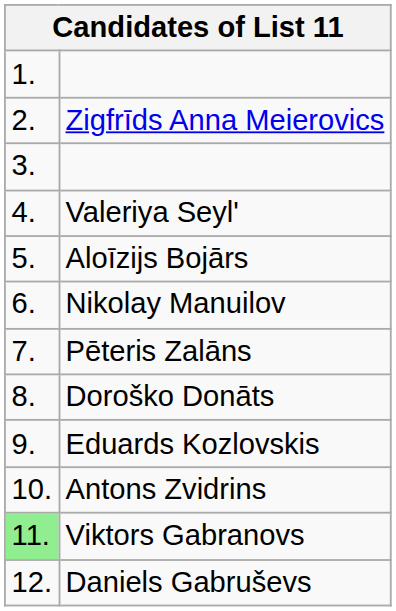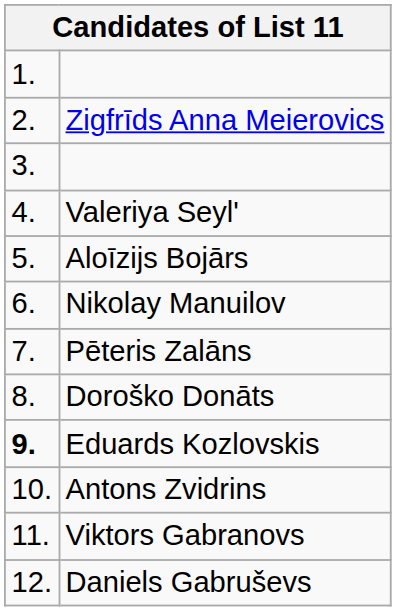 <table class=wikitable>
 <tr>
 <th colspan=3>Candidates of List 11</th>
 </tr>
 <tr>
 <td>1.</td>
 <td></td>
 </tr>
 <tr>
 <td>2.</td>
 <td><a href='#'>Zigfrīds Anna Meierovics</a></td>
 </tr>
 <tr>
 <td>3.</td>
 <td></td>
 </tr>
 <tr>
 <td>4.</td>
 <td>Valeriya Seyl'</td>
 </tr>
 <tr>
 <td>5.</td>
 <td>Aloīzijs Bojārs</td>
 </tr>
 <tr>
 <td>6.</td>
 <td>Nikolay Manuilov</td>
 </tr>
 <tr>
 <td>7.</td>
 <td>Pēteris Zalāns</td>
 </tr>
 <tr>
 <td>8.</td>
 <td>Doroško Donāts</td>
 </tr>
 <tr>
-<td>9.</td>
+<td><strong>9.</strong></td>
 <td>Eduards Kozlovskis</td>
 </tr>
 <tr>
 <td>10.</td>
 <td>Antons Zvidrins</td>
 </tr>
 <tr>
-<td style="background: lightgreen;">11.</td>
+<td>11.</td>
 <td>Viktors Gabranovs</td>
 </tr>
 <tr>
 <td>12.</td>
 <td>Daniels Gabruševs</td>
 </tr>
 </table>
